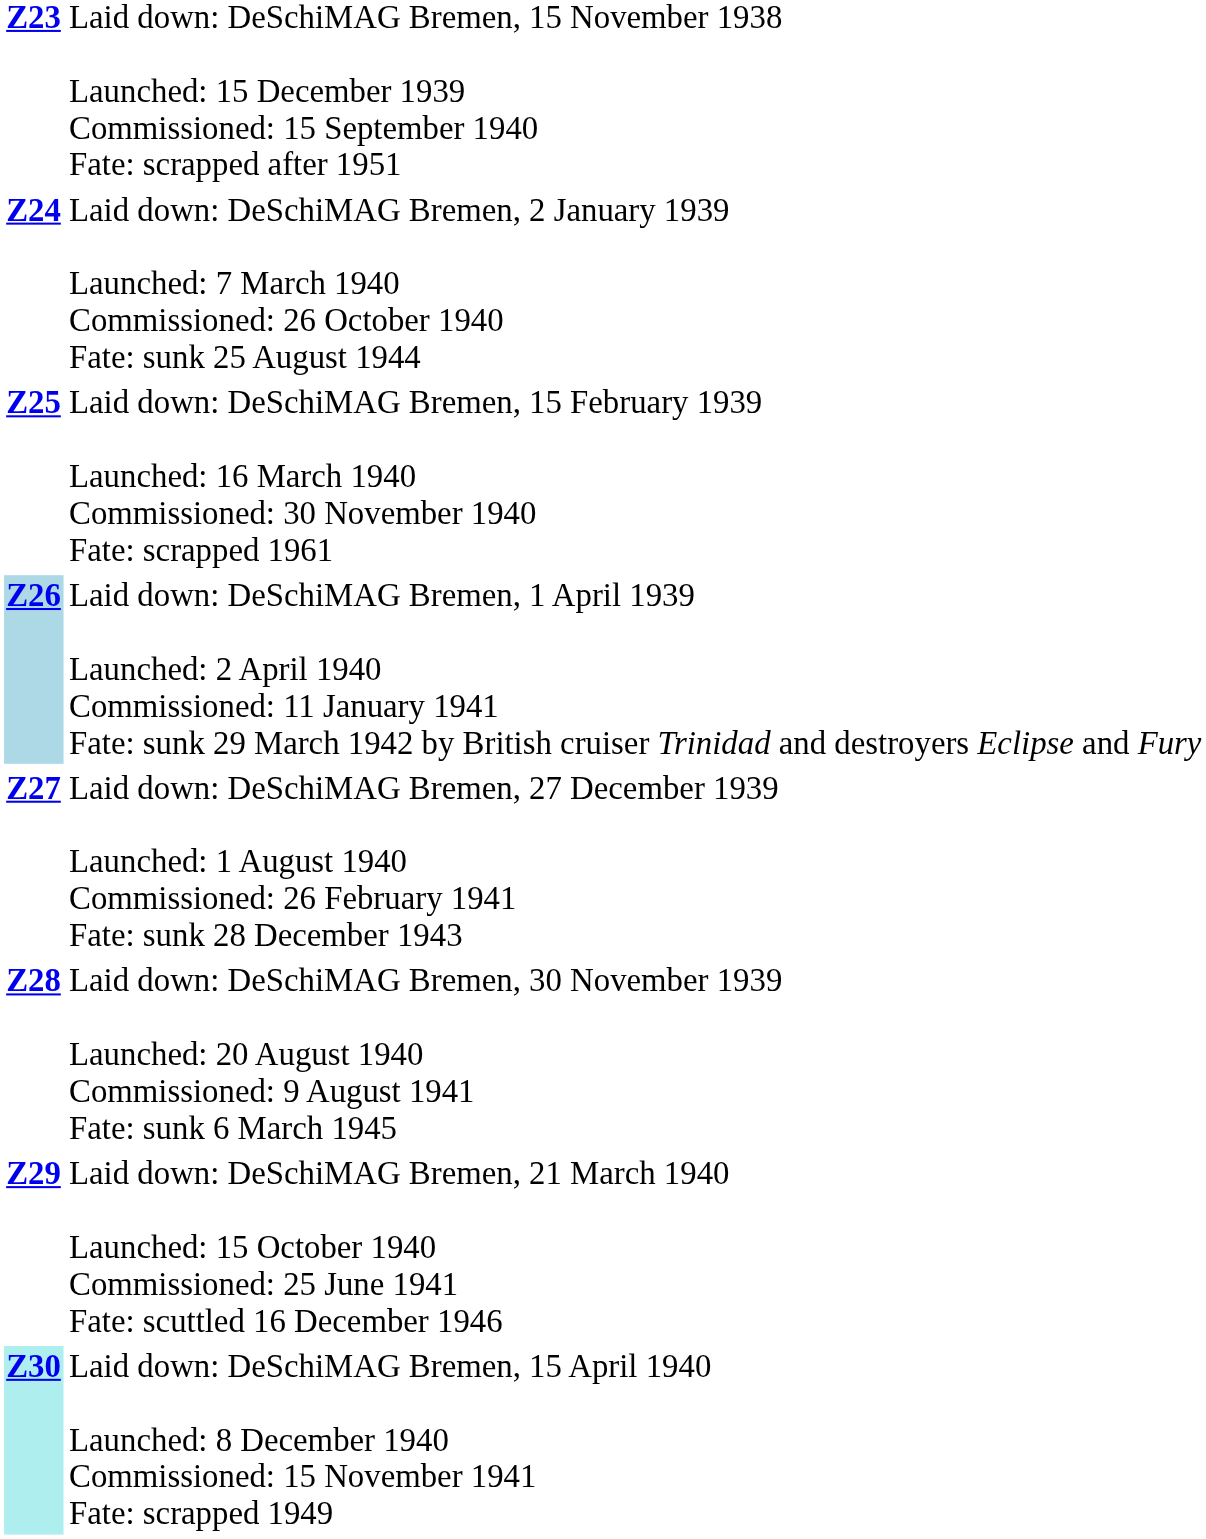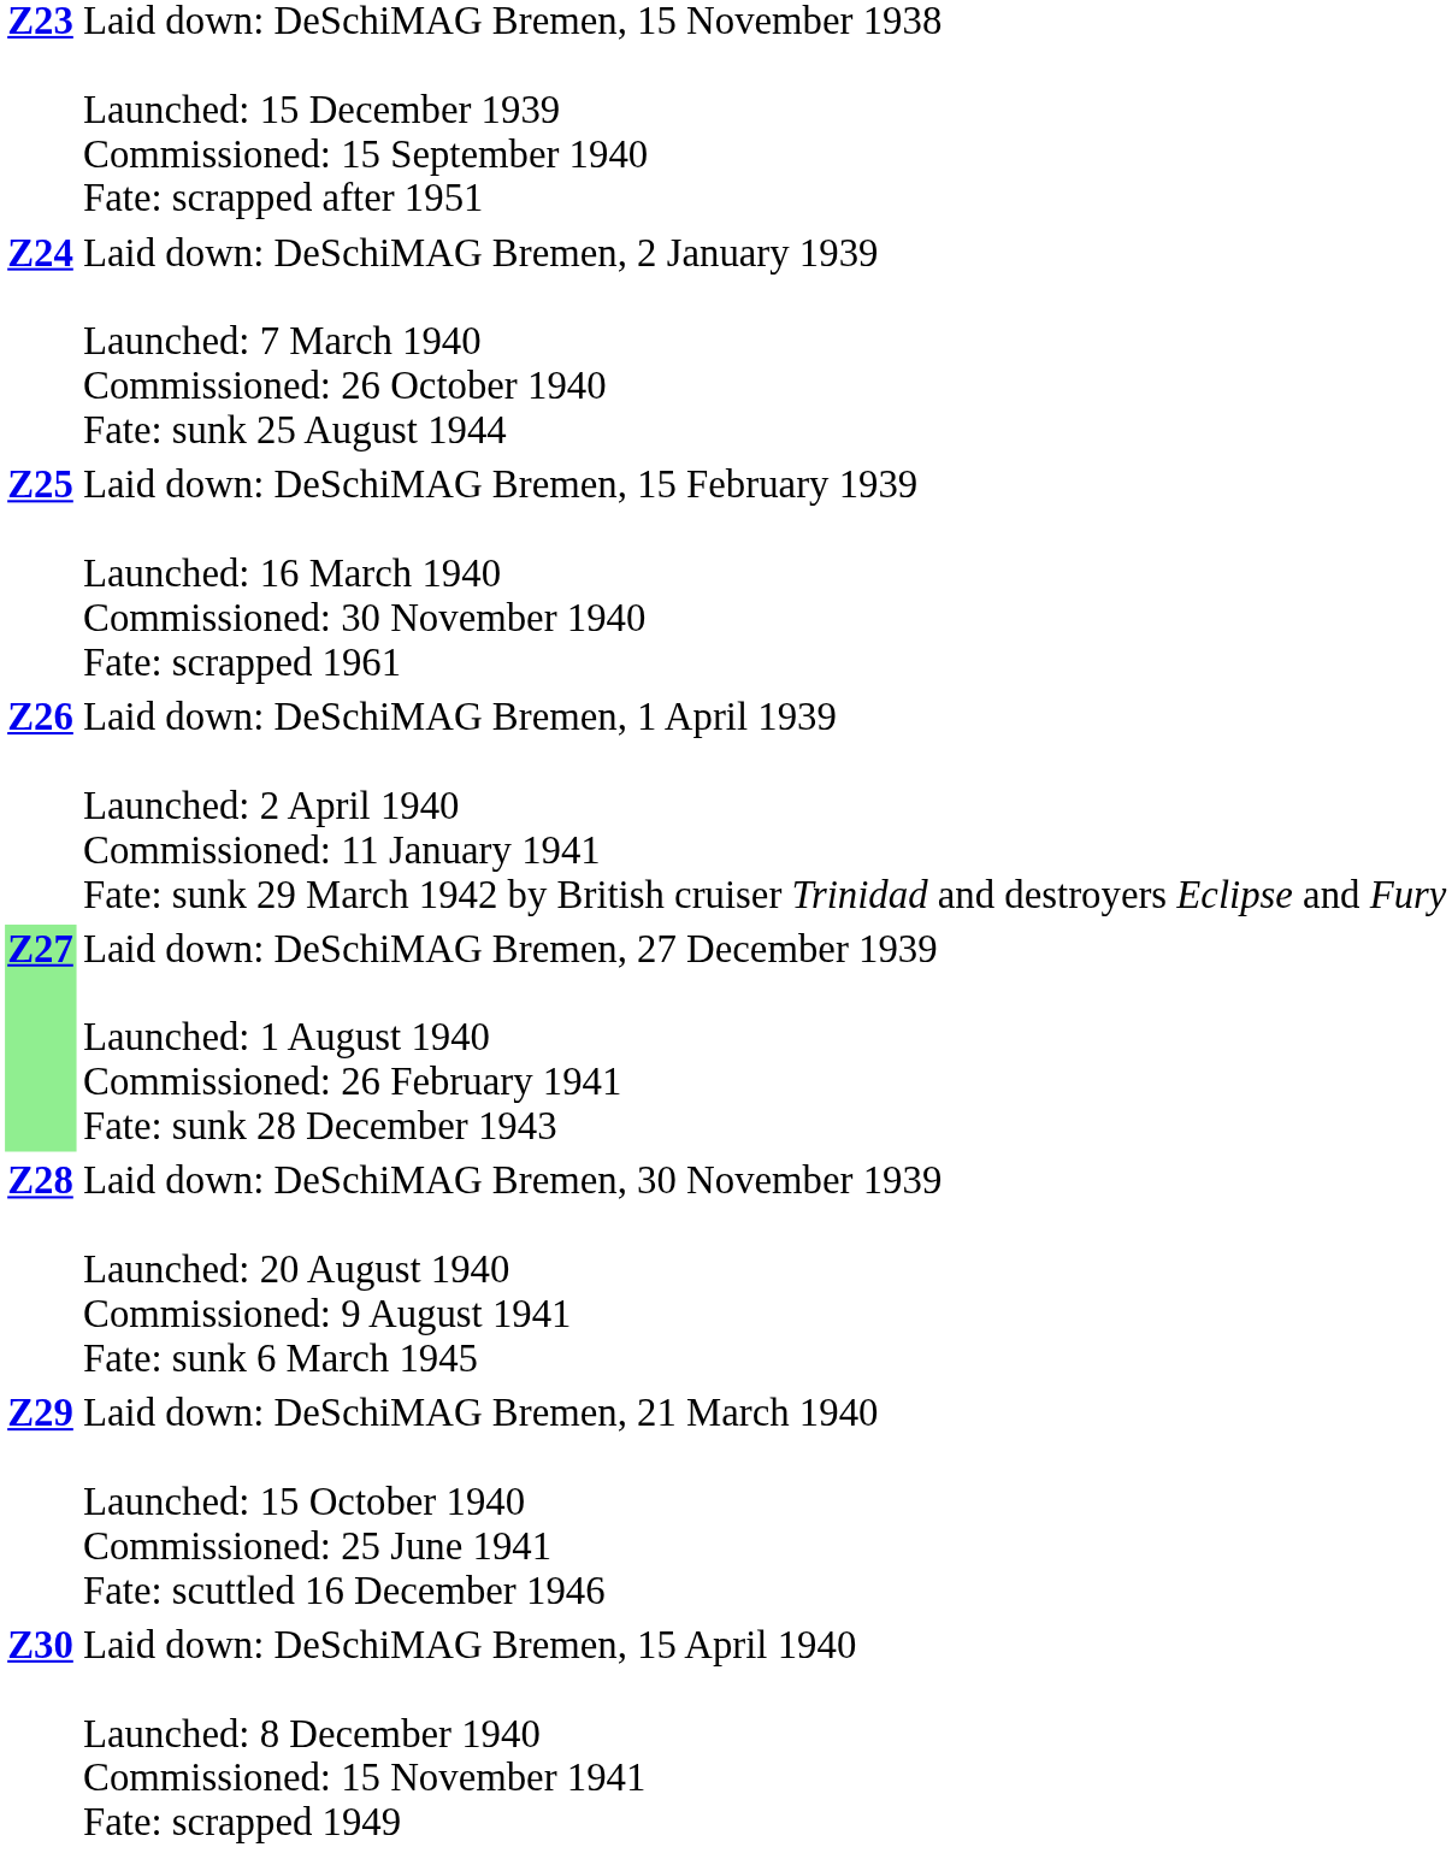 <table>
 <tr>
 <td valign="top"><strong><a href='#'>Z23</a></strong></td>
 <td>Laid down: DeSchiMAG Bremen, 15 November 1938<br><br>Launched: 15 December 1939<br> Commissioned: 15 September 1940<br> Fate: scrapped after 1951<br></td>
 </tr>
 <tr>
 <td valign="top"><strong><a href='#'>Z24</a></strong></td>
 <td>Laid down: DeSchiMAG Bremen, 2 January 1939<br><br>Launched: 7 March 1940<br> Commissioned: 26 October 1940<br> Fate: sunk 25 August 1944<br></td>
 </tr>
 <tr>
 <td valign="top"><strong><a href='#'>Z25</a></strong></td>
 <td>Laid down: DeSchiMAG Bremen, 15 February 1939<br><br>Launched: 16 March 1940<br> Commissioned: 30 November 1940<br> Fate: scrapped 1961<br></td>
 </tr>
 <tr>
-<td valign="top" style="background: lightblue;"><strong><a href='#'>Z26</a></strong></td>
+<td valign="top"><strong><a href='#'>Z26</a></strong></td>
 <td>Laid down: DeSchiMAG Bremen, 1 April 1939<br><br>Launched: 2 April 1940<br> Commissioned: 11 January 1941<br> Fate: sunk 29 March 1942 by British cruiser <em>Trinidad</em> and destroyers <em>Eclipse</em> and <em>Fury</em></td>
 </tr>
 <tr>
-<td valign="top"><strong><a href='#'>Z27</a></strong></td>
+<td valign="top" style="background: lightgreen;"><strong><a href='#'>Z27</a></strong></td>
 <td>Laid down: DeSchiMAG Bremen, 27 December 1939<br><br>Launched: 1 August 1940<br> Commissioned: 26 February 1941<br> Fate: sunk 28 December 1943<br></td>
 </tr>
 <tr>
 <td valign="top"><strong><a href='#'>Z28</a></strong></td>
 <td>Laid down: DeSchiMAG Bremen, 30 November 1939<br><br>Launched: 20 August 1940<br> Commissioned: 9 August 1941<br> Fate: sunk 6 March 1945</td>
 </tr>
 <tr>
 <td valign="top"><strong><a href='#'>Z29</a></strong></td>
 <td>Laid down: DeSchiMAG Bremen, 21 March 1940<br><br>Launched: 15 October 1940<br> Commissioned: 25 June 1941<br> Fate: scuttled 16 December 1946</td>
 </tr>
 <tr>
-<td valign="top" style="background: paleturquoise;"><strong><a href='#'>Z30</a></strong></td>
+<td valign="top"><strong><a href='#'>Z30</a></strong></td>
 <td>Laid down: DeSchiMAG Bremen, 15 April 1940<br><br>Launched: 8 December 1940<br> Commissioned: 15 November 1941<br> Fate: scrapped 1949</td>
 </tr>
 </table>
